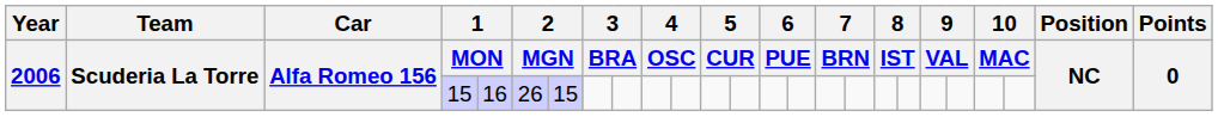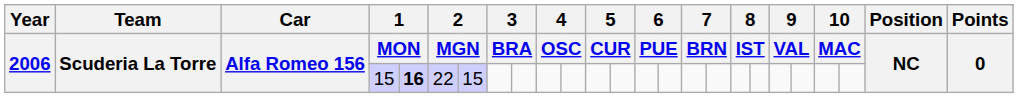 <table class="wikitable" style="text-align:center; font-size:85%">
 <tr>
 <th>Year</th>
 <th>Team</th>
 <th>Car</th>
 <th colspan=2>1</th>
 <th colspan=2>2</th>
 <th colspan=2>3</th>
 <th colspan=2>4</th>
 <th colspan=2>5</th>
 <th colspan=2>6</th>
 <th colspan=2>7</th>
 <th colspan=2>8</th>
 <th colspan=2>9</th>
 <th colspan=2>10</th>
 <th>Position</th>
 <th>Points</th>
 </tr>
 <tr>
 <th rowspan=2><a href='#'>2006</a></th>
 <th rowspan=2>Scuderia La Torre</th>
 <th rowspan=2><a href='#'>Alfa Romeo 156</a></th>
 <th colspan=2><a href='#'>MON</a> </th>
 <th colspan=2><a href='#'>MGN</a> </th>
 <th colspan=2><a href='#'>BRA</a> </th>
 <th colspan=2><a href='#'>OSC</a> </th>
 <th colspan=2><a href='#'>CUR</a> </th>
 <th colspan=2><a href='#'>PUE</a> </th>
 <th colspan=2><a href='#'>BRN</a> </th>
 <th colspan=2><a href='#'>IST</a> </th>
 <th colspan=2><a href='#'>VAL</a> </th>
 <th colspan=2><a href='#'>MAC</a> </th>
 <th rowspan=2>NC</th>
 <th rowspan=2>0</th>
 </tr>
 <tr>
 <td style="background:#cfcfff;">15</td>
-<td style="background:#cfcfff;">16</td>
-<td style="background:#cfcfff;">26</td>
+<td style="background:#cfcfff;"><strong>16</strong></td>
+<td style="background:#cfcfff;">22</td>
 <td style="background:#cfcfff;">15</td>
 <td></td>
 <td></td>
 <td></td>
 <td></td>
 <td></td>
 <td></td>
 <td></td>
 <td></td>
 <td></td>
 <td></td>
 <td></td>
 <td></td>
 <td></td>
 <td></td>
 <td></td>
 <td></td>
 </tr>
 </table>
